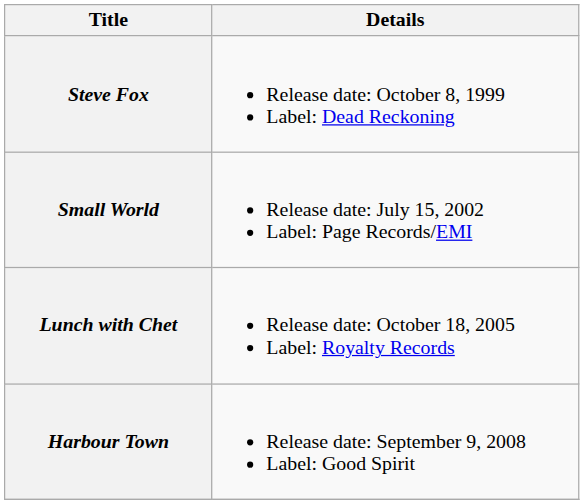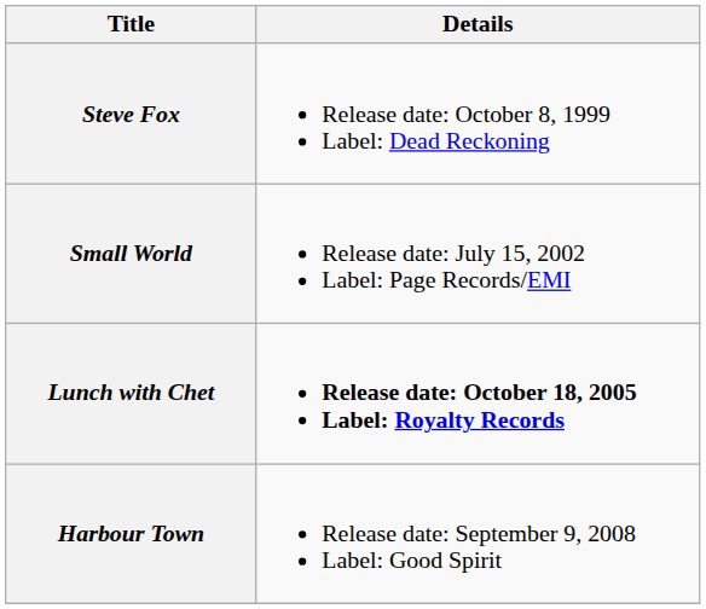 <table class="wikitable plainrowheaders">
 <tr>
 <th style="width:10em;">Title</th>
 <th style="width:18em;">Details</th>
 </tr>
 <tr>
 <th scope="row"><em>Steve Fox</em></th>
 <td><br><ul><li>Release date: October 8, 1999</li><li>Label: <a href='#'>Dead Reckoning</a></li></ul></td>
 </tr>
 <tr>
 <th scope="row"><em>Small World</em></th>
 <td><br><ul><li>Release date: July 15, 2002</li><li>Label: Page Records/<a href='#'>EMI</a></li></ul></td>
 </tr>
 <tr>
 <th scope="row"><em>Lunch with Chet</em></th>
-<td><br><ul><li>Release date: October 18, 2005</li><li>Label: <a href='#'>Royalty Records</a></li></ul></td>
+<td><strong><br><ul><li>Release date: October 18, 2005</li><li>Label: <a href='#'>Royalty Records</a></li></ul></strong></td>
 </tr>
 <tr>
 <th scope="row"><em>Harbour Town</em></th>
 <td><br><ul><li>Release date: September 9, 2008</li><li>Label: Good Spirit</li></ul></td>
 </tr>
 <tr>
 </tr>
 </table>
